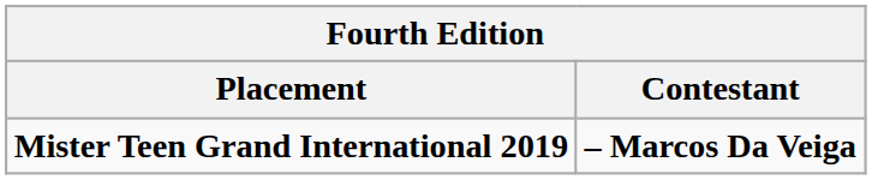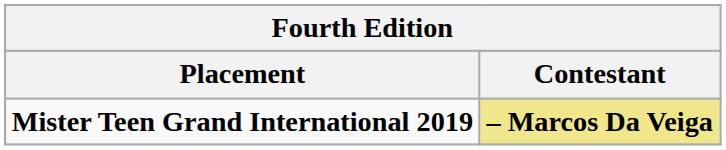 <table class="wikitable sortable" style="font-size:85%">
 <tr>
 <th colspan=2>Fourth Edition</th>
 </tr>
 <tr>
 <th>Placement</th>
 <th>Contestant</th>
 </tr>
 <tr>
 <td><strong>Mister Teen Grand International 2019</strong></td>
-<td><strong> – Marcos Da Veiga</strong></td>
+<td style="background: khaki;"><strong> – Marcos Da Veiga</strong></td>
 </tr>
 </table>
